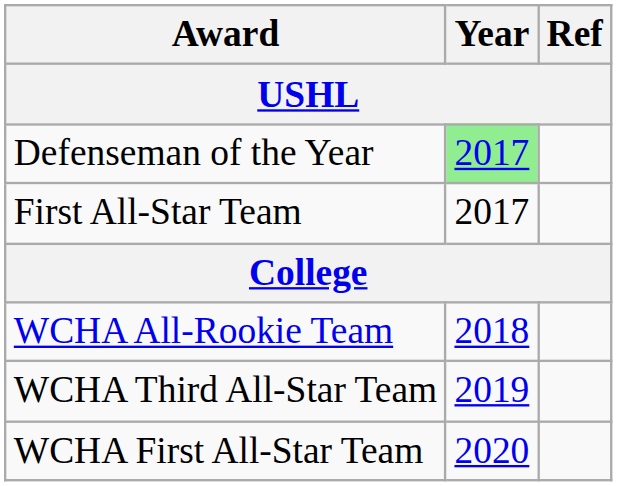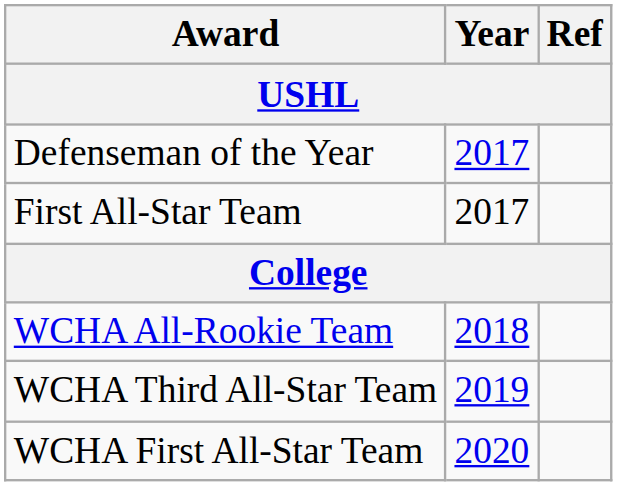 <table class="wikitable">
 <tr>
 <th>Award</th>
 <th>Year</th>
 <th>Ref</th>
 </tr>
 <tr>
 <th colspan="3"><a href='#'>USHL</a></th>
 </tr>
 <tr>
 <td>Defenseman of the Year</td>
-<td style="background: lightgreen;"><a href='#'>2017</a></td>
+<td><a href='#'>2017</a></td>
 <td></td>
 </tr>
 <tr>
 <td>First All-Star Team</td>
 <td>2017</td>
 <td></td>
 </tr>
 <tr>
 <th colspan="3"><a href='#'>College</a></th>
 </tr>
 <tr>
 <td><a href='#'>WCHA All-Rookie Team</a></td>
 <td><a href='#'>2018</a></td>
 <td></td>
 </tr>
 <tr>
 <td>WCHA Third All-Star Team</td>
 <td><a href='#'>2019</a></td>
 <td></td>
 </tr>
 <tr>
 <td>WCHA First All-Star Team</td>
 <td><a href='#'>2020</a></td>
 <td></td>
 </tr>
 </table>
